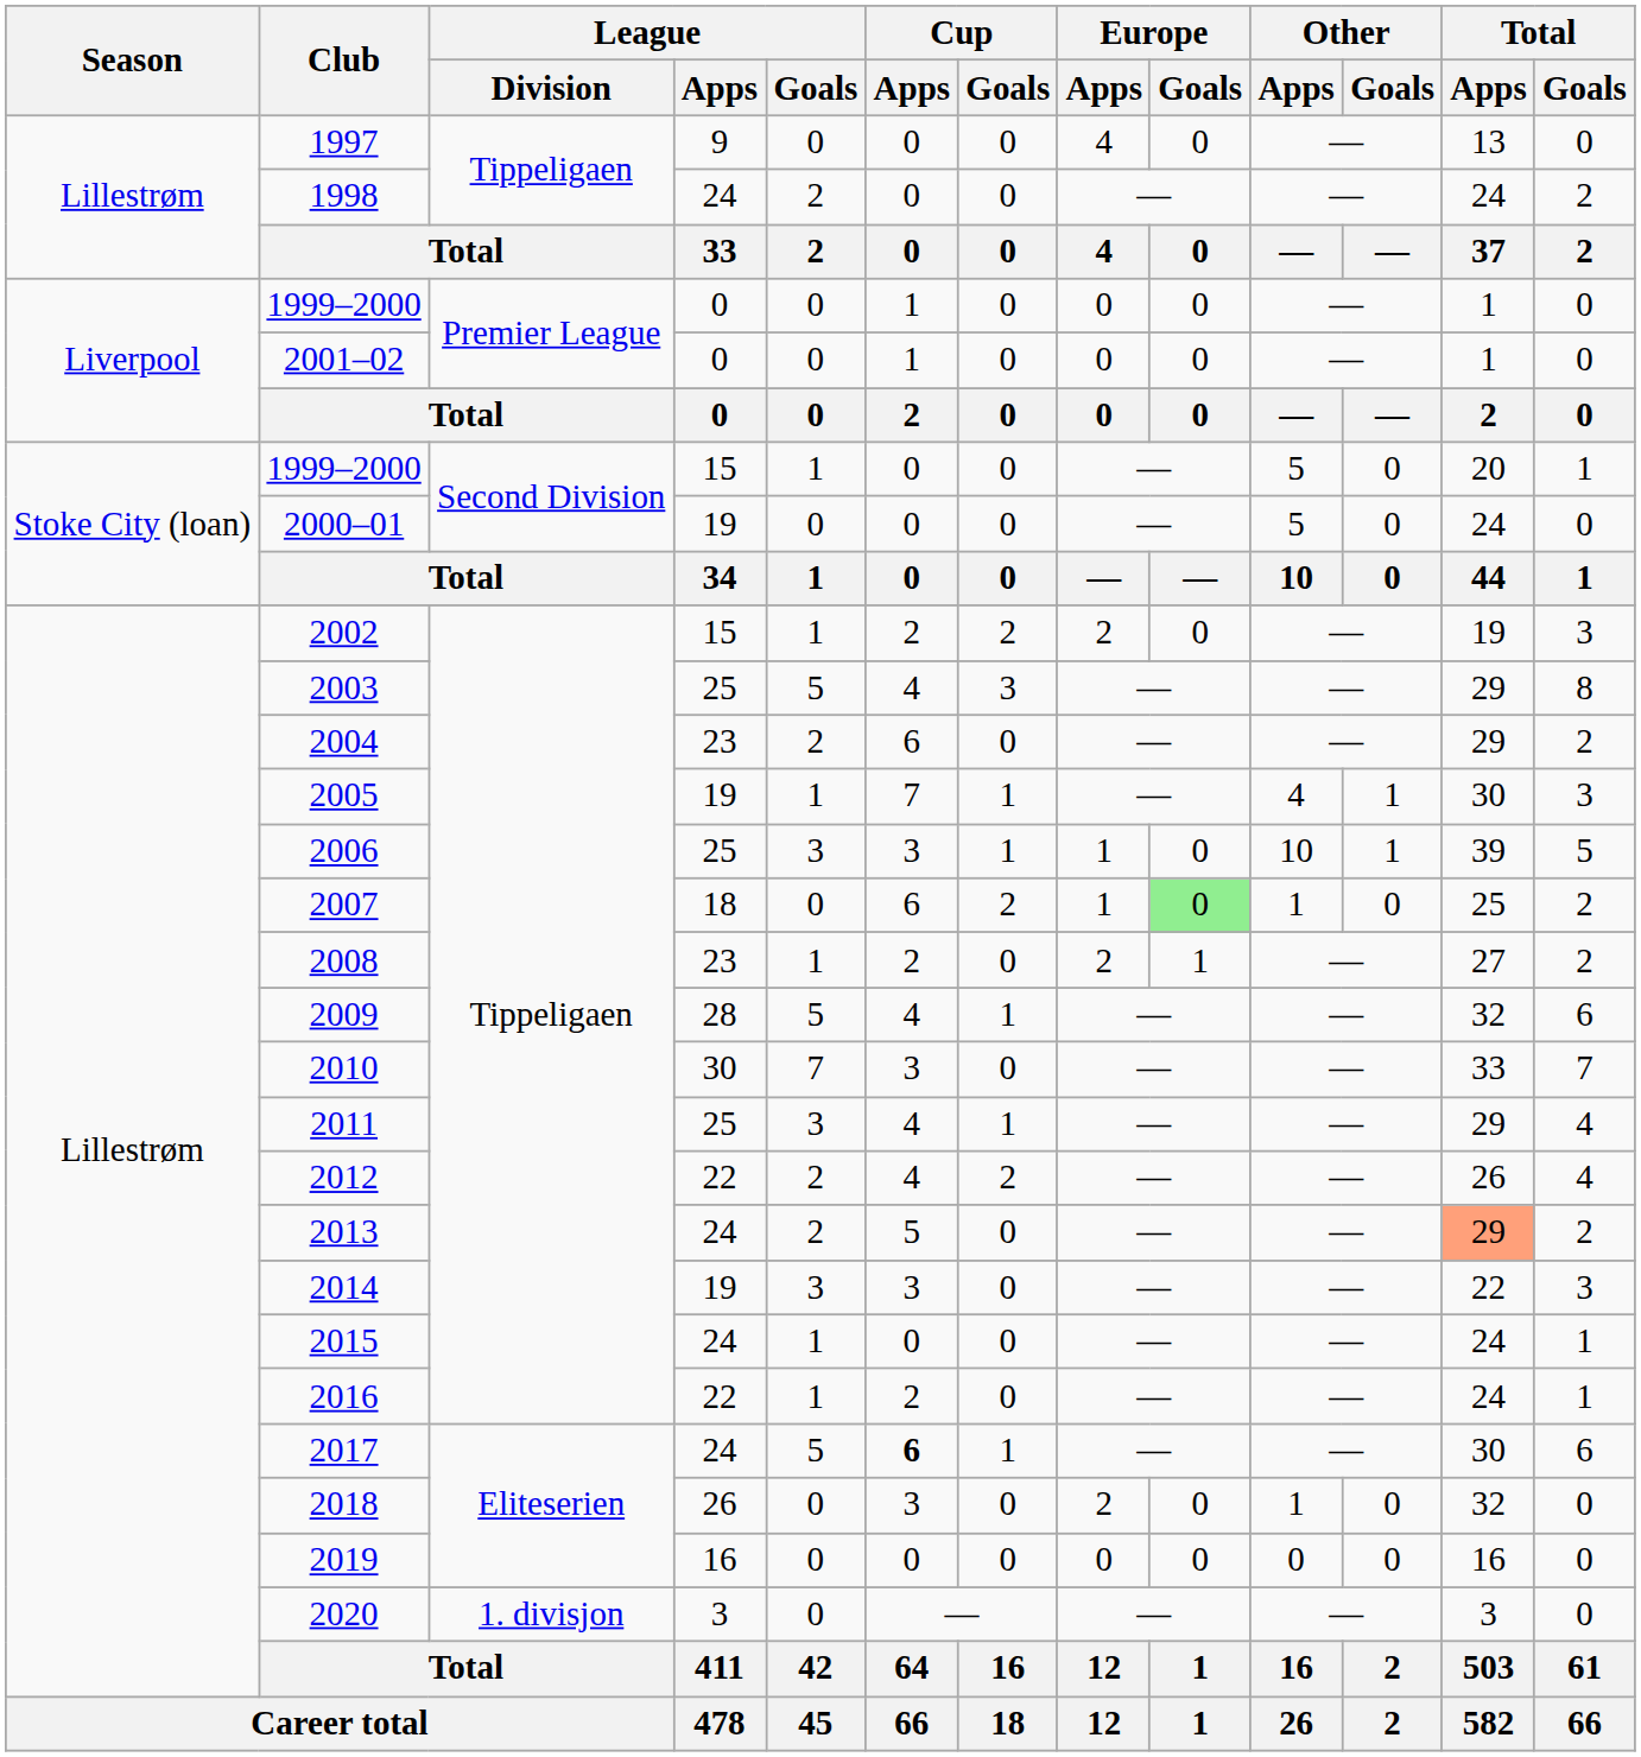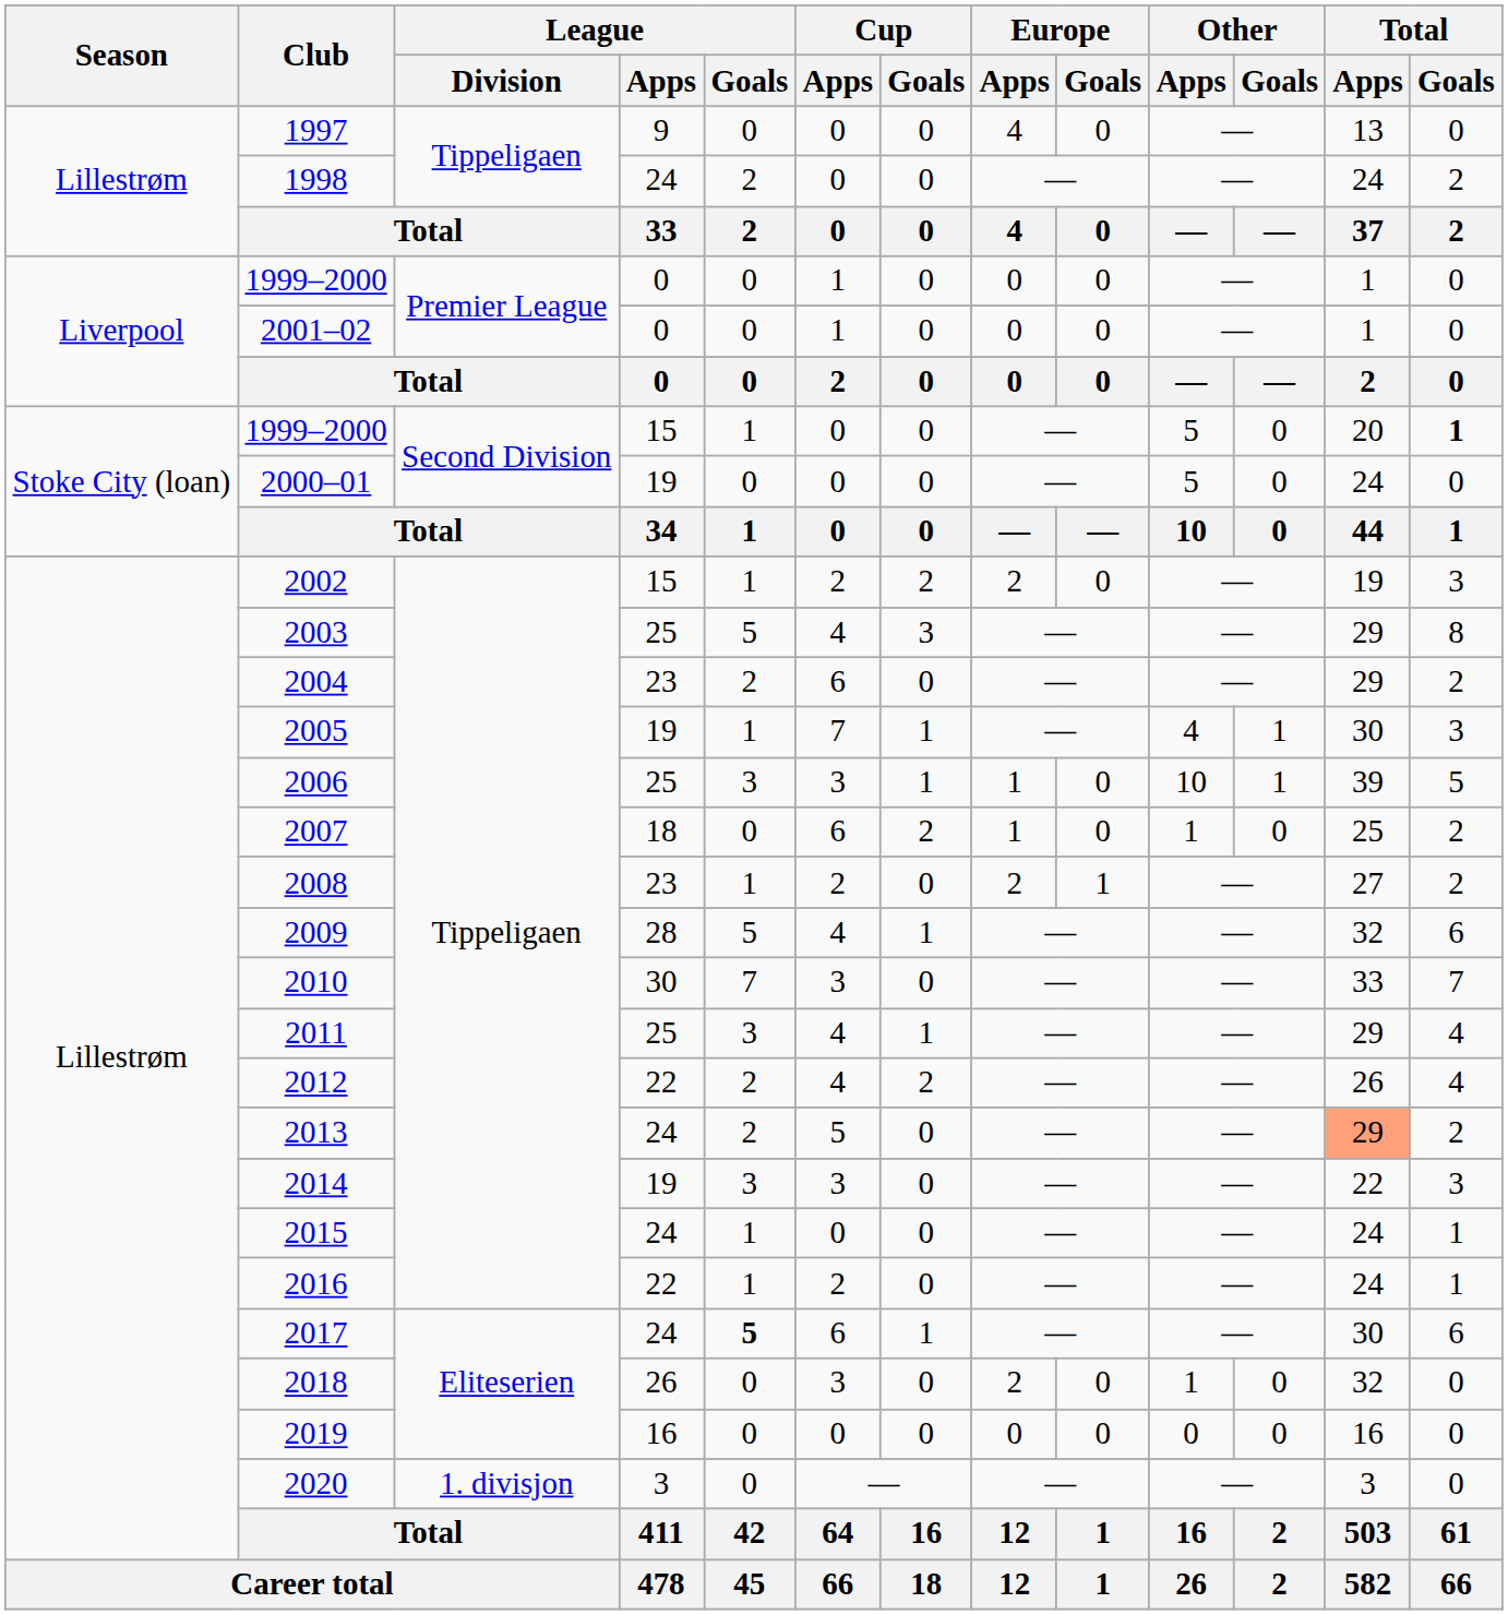 <table class="wikitable" style="text-align:center">
 <tr>
 <th rowspan="2">Season</th>
 <th rowspan="2">Club</th>
 <th colspan="3">League</th>
 <th colspan="2">Cup</th>
 <th colspan="2">Europe</th>
 <th colspan="2">Other</th>
 <th colspan="2">Total</th>
 </tr>
 <tr>
 <th>Division</th>
 <th>Apps</th>
 <th>Goals</th>
 <th>Apps</th>
 <th>Goals</th>
 <th>Apps</th>
 <th>Goals</th>
 <th>Apps</th>
 <th>Goals</th>
 <th>Apps</th>
 <th>Goals</th>
 </tr>
 <tr>
 <td rowspan="3"><a href='#'>Lillestrøm</a></td>
 <td><a href='#'>1997</a></td>
 <td rowspan="2"><a href='#'>Tippeligaen</a></td>
 <td>9</td>
 <td>0</td>
 <td>0</td>
 <td>0</td>
 <td>4</td>
 <td>0</td>
 <td colspan="2">—</td>
 <td>13</td>
 <td>0</td>
 </tr>
 <tr>
 <td><a href='#'>1998</a></td>
 <td>24</td>
 <td>2</td>
 <td>0</td>
 <td>0</td>
 <td colspan="2">—</td>
 <td colspan="2">—</td>
 <td>24</td>
 <td>2</td>
 </tr>
 <tr>
 <th colspan="2">Total</th>
 <th>33</th>
 <th>2</th>
 <th>0</th>
 <th>0</th>
 <th>4</th>
 <th>0</th>
 <th>—</th>
 <th>—</th>
 <th>37</th>
 <th>2</th>
 </tr>
 <tr>
 <td rowspan="3"><a href='#'>Liverpool</a></td>
 <td><a href='#'>1999–2000</a></td>
 <td rowspan="2"><a href='#'>Premier League</a></td>
 <td>0</td>
 <td>0</td>
 <td>1</td>
 <td>0</td>
 <td>0</td>
 <td>0</td>
 <td colspan="2">—</td>
 <td>1</td>
 <td>0</td>
 </tr>
 <tr>
 <td><a href='#'>2001–02</a></td>
 <td>0</td>
 <td>0</td>
 <td>1</td>
 <td>0</td>
 <td>0</td>
 <td>0</td>
 <td colspan="2">—</td>
 <td>1</td>
 <td>0</td>
 </tr>
 <tr>
 <th colspan="2">Total</th>
 <th>0</th>
 <th>0</th>
 <th>2</th>
 <th>0</th>
 <th>0</th>
 <th>0</th>
 <th>—</th>
 <th>—</th>
 <th>2</th>
 <th>0</th>
 </tr>
 <tr>
 <td rowspan="3"><a href='#'>Stoke City</a> (loan)</td>
 <td><a href='#'>1999–2000</a></td>
 <td rowspan="2"><a href='#'>Second Division</a></td>
 <td>15</td>
 <td>1</td>
 <td>0</td>
 <td>0</td>
 <td colspan="2">—</td>
 <td>5</td>
 <td>0</td>
 <td>20</td>
-<td>1</td>
+<td><strong>1</strong></td>
 </tr>
 <tr>
 <td><a href='#'>2000–01</a></td>
 <td>19</td>
 <td>0</td>
 <td>0</td>
 <td>0</td>
 <td colspan="2">—</td>
 <td>5</td>
 <td>0</td>
 <td>24</td>
 <td>0</td>
 </tr>
 <tr>
 <th colspan="2">Total</th>
 <th>34</th>
 <th>1</th>
 <th>0</th>
 <th>0</th>
 <th>—</th>
 <th>—</th>
 <th>10</th>
 <th>0</th>
 <th>44</th>
 <th>1</th>
 </tr>
 <tr>
 <td rowspan="20">Lillestrøm</td>
 <td><a href='#'>2002</a></td>
 <td rowspan="15">Tippeligaen</td>
 <td>15</td>
 <td>1</td>
 <td>2</td>
 <td>2</td>
 <td>2</td>
 <td>0</td>
 <td colspan="2">—</td>
 <td>19</td>
 <td>3</td>
 </tr>
 <tr>
 <td><a href='#'>2003</a></td>
 <td>25</td>
 <td>5</td>
 <td>4</td>
 <td>3</td>
 <td colspan="2">—</td>
 <td colspan="2">—</td>
 <td>29</td>
 <td>8</td>
 </tr>
 <tr>
 <td><a href='#'>2004</a></td>
 <td>23</td>
 <td>2</td>
 <td>6</td>
 <td>0</td>
 <td colspan="2">—</td>
 <td colspan="2">—</td>
 <td>29</td>
 <td>2</td>
 </tr>
 <tr>
 <td><a href='#'>2005</a></td>
 <td>19</td>
 <td>1</td>
 <td>7</td>
 <td>1</td>
 <td colspan="2">—</td>
 <td>4</td>
 <td>1</td>
 <td>30</td>
 <td>3</td>
 </tr>
 <tr>
 <td><a href='#'>2006</a></td>
 <td>25</td>
 <td>3</td>
 <td>3</td>
 <td>1</td>
 <td>1</td>
 <td>0</td>
 <td>10</td>
 <td>1</td>
 <td>39</td>
 <td>5</td>
 </tr>
 <tr>
 <td><a href='#'>2007</a></td>
 <td>18</td>
 <td>0</td>
 <td>6</td>
 <td>2</td>
 <td>1</td>
-<td style="background: lightgreen;">0</td>
+<td>0</td>
 <td>1</td>
 <td>0</td>
 <td>25</td>
 <td>2</td>
 </tr>
 <tr>
 <td><a href='#'>2008</a></td>
 <td>23</td>
 <td>1</td>
 <td>2</td>
 <td>0</td>
 <td>2</td>
 <td>1</td>
 <td colspan="2">—</td>
 <td>27</td>
 <td>2</td>
 </tr>
 <tr>
 <td><a href='#'>2009</a></td>
 <td>28</td>
 <td>5</td>
 <td>4</td>
 <td>1</td>
 <td colspan="2">—</td>
 <td colspan="2">—</td>
 <td>32</td>
 <td>6</td>
 </tr>
 <tr>
 <td><a href='#'>2010</a></td>
 <td>30</td>
 <td>7</td>
 <td>3</td>
 <td>0</td>
 <td colspan="2">—</td>
 <td colspan="2">—</td>
 <td>33</td>
 <td>7</td>
 </tr>
 <tr>
 <td><a href='#'>2011</a></td>
 <td>25</td>
 <td>3</td>
 <td>4</td>
 <td>1</td>
 <td colspan="2">—</td>
 <td colspan="2">—</td>
 <td>29</td>
 <td>4</td>
 </tr>
 <tr>
 <td><a href='#'>2012</a></td>
 <td>22</td>
 <td>2</td>
 <td>4</td>
 <td>2</td>
 <td colspan="2">—</td>
 <td colspan="2">—</td>
 <td>26</td>
 <td>4</td>
 </tr>
 <tr>
 <td><a href='#'>2013</a></td>
 <td>24</td>
 <td>2</td>
 <td>5</td>
 <td>0</td>
 <td colspan="2">—</td>
 <td colspan="2">—</td>
 <td style="background: lightsalmon;">29</td>
 <td>2</td>
 </tr>
 <tr>
 <td><a href='#'>2014</a></td>
 <td>19</td>
 <td>3</td>
 <td>3</td>
 <td>0</td>
 <td colspan="2">—</td>
 <td colspan="2">—</td>
 <td>22</td>
 <td>3</td>
 </tr>
 <tr>
 <td><a href='#'>2015</a></td>
 <td>24</td>
 <td>1</td>
 <td>0</td>
 <td>0</td>
 <td colspan="2">—</td>
 <td colspan="2">—</td>
 <td>24</td>
 <td>1</td>
 </tr>
 <tr>
 <td><a href='#'>2016</a></td>
 <td>22</td>
 <td>1</td>
 <td>2</td>
 <td>0</td>
 <td colspan="2">—</td>
 <td colspan="2">—</td>
 <td>24</td>
 <td>1</td>
 </tr>
 <tr>
 <td><a href='#'>2017</a></td>
 <td rowspan="3"><a href='#'>Eliteserien</a></td>
 <td>24</td>
-<td>5</td>
-<td><strong>6</strong></td>
+<td><strong>5</strong></td>
+<td>6</td>
 <td>1</td>
 <td colspan="2">—</td>
 <td colspan="2">—</td>
 <td>30</td>
 <td>6</td>
 </tr>
 <tr>
 <td><a href='#'>2018</a></td>
 <td>26</td>
 <td>0</td>
 <td>3</td>
 <td>0</td>
 <td>2</td>
 <td>0</td>
 <td>1</td>
 <td>0</td>
 <td>32</td>
 <td>0</td>
 </tr>
 <tr>
 <td><a href='#'>2019</a></td>
 <td>16</td>
 <td>0</td>
 <td>0</td>
 <td>0</td>
 <td>0</td>
 <td>0</td>
 <td>0</td>
 <td>0</td>
 <td>16</td>
 <td>0</td>
 </tr>
 <tr>
 <td><a href='#'>2020</a></td>
 <td><a href='#'>1. divisjon</a></td>
 <td>3</td>
 <td>0</td>
 <td colspan="2">—</td>
 <td colspan="2">—</td>
 <td colspan="2">—</td>
 <td>3</td>
 <td>0</td>
 </tr>
 <tr>
 <th colspan="2">Total</th>
 <th>411</th>
 <th>42</th>
 <th>64</th>
 <th>16</th>
 <th>12</th>
 <th>1</th>
 <th>16</th>
 <th>2</th>
 <th>503</th>
 <th>61</th>
 </tr>
 <tr>
 <th colspan="3">Career total</th>
 <th>478</th>
 <th>45</th>
 <th>66</th>
 <th>18</th>
 <th>12</th>
 <th>1</th>
 <th>26</th>
 <th>2</th>
 <th>582</th>
 <th>66</th>
 </tr>
 </table>
